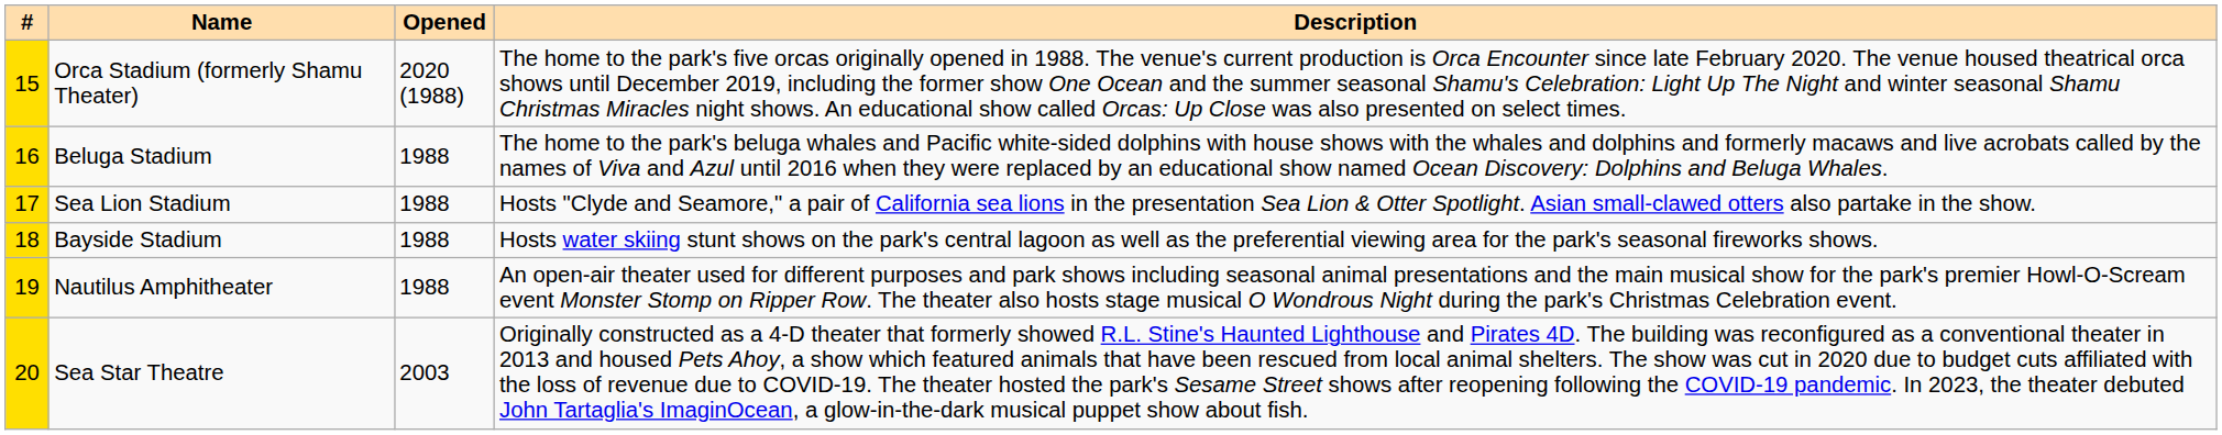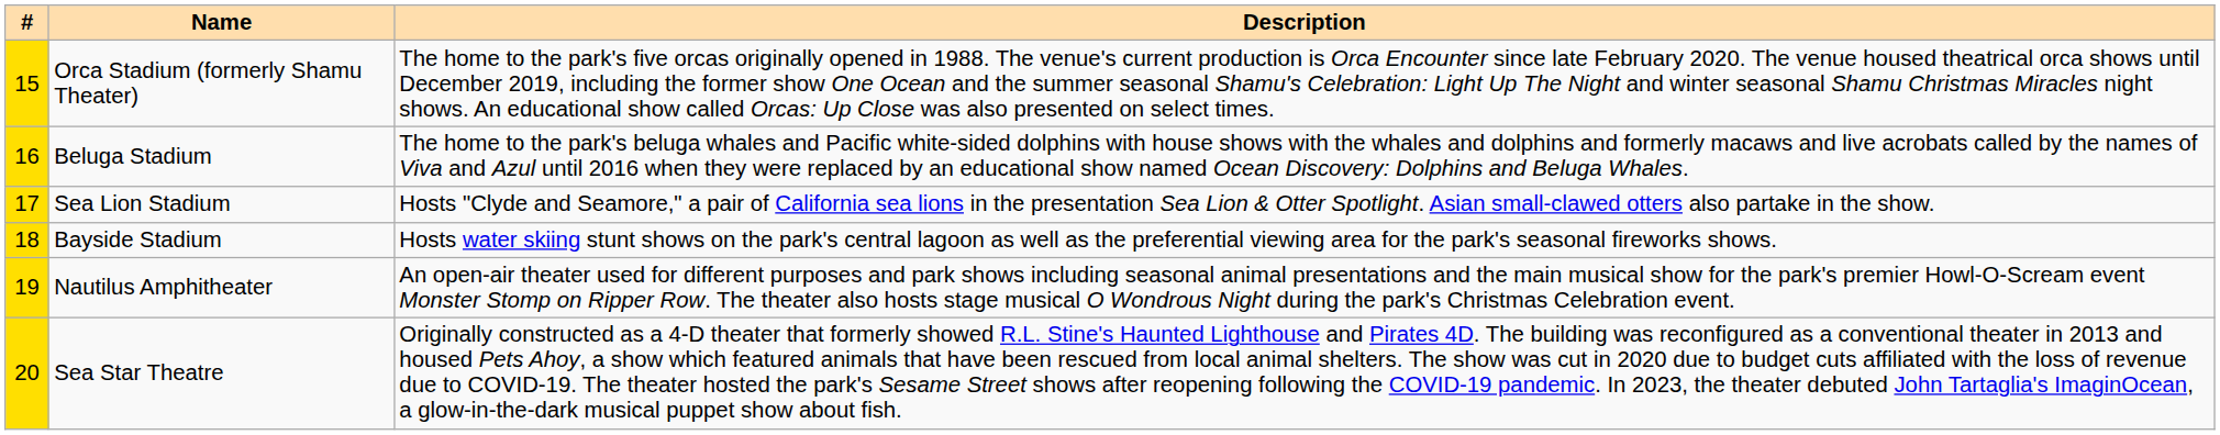 <table class="wikitable" style="width: 100%; font sizes: 95%;">
 <tr>
 <th style="background:#ffdead; width:1.5em;">#</th>
 <th style="background:#ffdead; width:15em;">Name</th>
-<th style="background:#ffdead; width:4em;">Opened</th>
 <th style="background:#ffdead;">Description</th>
 </tr>
 <tr>
 <td style="background:#ffdf00; text-align:center;">15</td>
 <td>Orca Stadium (formerly Shamu Theater)</td>
-<td>2020 (1988)</td>
 <td>The  home to the park's five orcas originally opened in 1988. The venue's current production is <em>Orca Encounter</em> since late February 2020. The venue housed theatrical orca shows until December 2019, including the former show <em>One Ocean</em> and the summer seasonal <em>Shamu's Celebration: Light Up The Night</em> and winter seasonal <em>Shamu Christmas Miracles</em> night shows. An educational show called <em>Orcas: Up Close</em> was also presented on select times.</td>
 </tr>
 <tr>
 <td style="background:#ffdf00; text-align:center;">16</td>
 <td>Beluga Stadium</td>
-<td>1988</td>
 <td>The home to the park's beluga whales and Pacific white-sided dolphins with house shows with the whales and dolphins and formerly macaws and live acrobats called by the names of <em>Viva</em> and <em>Azul</em> until 2016 when they were replaced by an educational show named <em>Ocean Discovery: Dolphins and Beluga Whales</em>.</td>
 </tr>
 <tr>
 <td style="background:#ffdf00; text-align:center;">17</td>
 <td>Sea Lion Stadium</td>
-<td>1988</td>
 <td>Hosts "Clyde and Seamore," a pair of <a href='#'>California sea lions</a> in the presentation <em>Sea Lion & Otter Spotlight</em>. <a href='#'>Asian small-clawed otters</a> also partake in the show.</td>
 </tr>
 <tr>
 <td style="background:#ffdf00; text-align:center;">18</td>
 <td>Bayside Stadium</td>
-<td>1988</td>
 <td>Hosts <a href='#'>water skiing</a> stunt shows on the park's central lagoon as well as the preferential viewing area for the park's seasonal fireworks shows.</td>
 </tr>
 <tr>
 <td style="background:#ffdf00; text-align:center;">19</td>
 <td>Nautilus Amphitheater</td>
-<td>1988</td>
 <td>An open-air theater used for different purposes and park shows including seasonal animal presentations and the main musical show for the park's premier Howl-O-Scream event <em>Monster Stomp on Ripper Row</em>. The theater also hosts stage musical <em>O Wondrous Night</em> during the park's Christmas Celebration event.</td>
 </tr>
 <tr>
 <td style="background:#ffdf00; text-align:center;">20</td>
 <td>Sea Star Theatre</td>
-<td>2003</td>
 <td>Originally constructed as a 4-D theater that formerly showed <a href='#'>R.L. Stine's Haunted Lighthouse</a> and <a href='#'>Pirates 4D</a>. The building was reconfigured as a conventional theater in 2013 and housed <em>Pets Ahoy</em>, a show which featured animals that have been rescued from local animal shelters. The show was cut in 2020 due to budget cuts affiliated with the loss of revenue due to COVID-19. The theater hosted the park's <em>Sesame Street</em> shows after reopening following the <a href='#'>COVID-19 pandemic</a>. In 2023, the theater debuted <a href='#'>John Tartaglia's ImaginOcean</a>, a glow-in-the-dark musical puppet show about fish.</td>
 </tr>
 </table>
